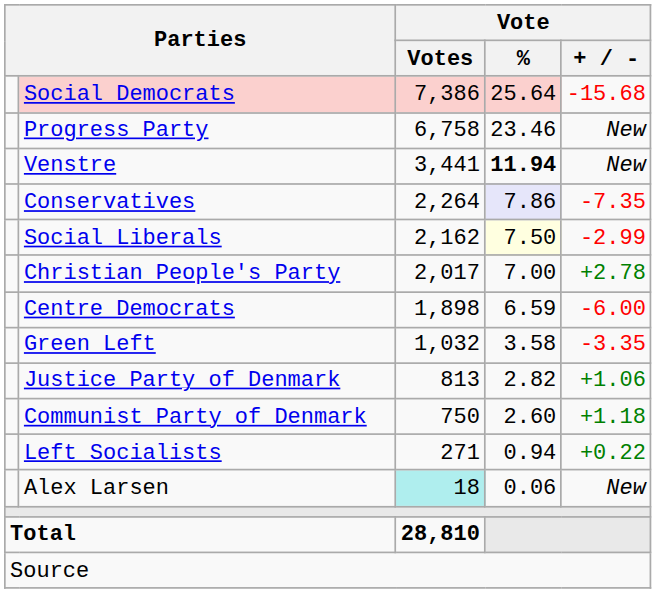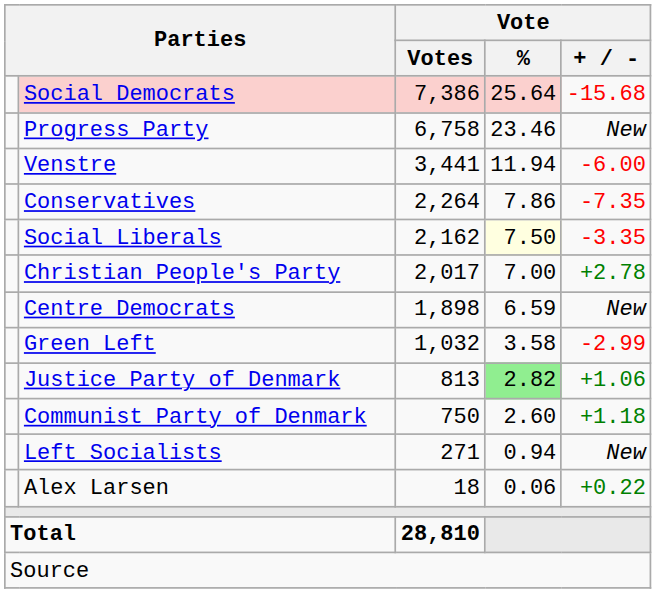 <table class="wikitable" style="text-align:right;">
 <tr>
 <th style="text-align:centre;" rowspan="2" colspan="2" width="225">Parties</th>
 <th colspan="3">Vote</th>
 </tr>
 <tr>
 <th width="15">Votes</th>
 <th width="15">%</th>
 <th width="15">+ / -</th>
 </tr>
 <tr>
 <td width="2" style="color:inherit;background:"></td>
 <td bgcolor=#fbd0ce  align="left"><a href='#'>Social Democrats</a></td>
 <td bgcolor=#fbd0ce>7,386</td>
 <td bgcolor=#fbd0ce>25.64</td>
 <td style=color:red;>-15.68</td>
 </tr>
 <tr>
 <td width="2" style="color:inherit;background:"></td>
 <td align="left"><a href='#'>Progress Party</a></td>
 <td>6,758</td>
 <td>23.46</td>
 <td><em>New</em></td>
 </tr>
 <tr>
 <td width="2" style="color:inherit;background:"></td>
 <td align="left"><a href='#'>Venstre</a></td>
 <td>3,441</td>
-<td><strong>11.94</strong></td>
-<td><em>New</em></td>
+<td>11.94</td>
+<td style=color:red;>-6.00</td>
 </tr>
 <tr>
 <td width="2" style="color:inherit;background:"></td>
 <td align="left"><a href='#'>Conservatives</a></td>
 <td>2,264</td>
-<td style="background: lavender;">7.86</td>
+<td>7.86</td>
 <td style=color:red;>-7.35</td>
 </tr>
 <tr>
 <td width="2" style="color:inherit;background:"></td>
 <td align="left"><a href='#'>Social Liberals</a></td>
 <td>2,162</td>
 <td style="background: lightyellow;">7.50</td>
-<td style=color:red;>-2.99</td>
+<td style=color:red;>-3.35</td>
 </tr>
 <tr>
 <td width="2" style="color:inherit;background:"></td>
 <td align="left"><a href='#'>Christian People's Party</a></td>
 <td>2,017</td>
 <td>7.00</td>
 <td style=color:green;>+2.78</td>
 </tr>
 <tr>
 <td width="2" style="color:inherit;background:"></td>
 <td align="left"><a href='#'>Centre Democrats</a></td>
 <td>1,898</td>
 <td>6.59</td>
-<td style=color:red;>-6.00</td>
+<td><em>New</em></td>
 </tr>
 <tr>
 <td width="2" style="color:inherit;background:"></td>
 <td align="left"><a href='#'>Green Left</a></td>
 <td>1,032</td>
 <td>3.58</td>
-<td style=color:red;>-3.35</td>
+<td style=color:red;>-2.99</td>
 </tr>
 <tr>
 <td width="2" style="color:inherit;background:"></td>
 <td align="left"><a href='#'>Justice Party of Denmark</a></td>
 <td>813</td>
-<td>2.82</td>
+<td style="background: lightgreen;">2.82</td>
 <td style=color:green;>+1.06</td>
 </tr>
 <tr>
 <td width="2" style="color:inherit;background:"></td>
 <td align="left"><a href='#'>Communist Party of Denmark</a></td>
 <td>750</td>
 <td>2.60</td>
 <td style=color:green;>+1.18</td>
 </tr>
 <tr>
 <td width="2" style="color:inherit;background:"></td>
 <td align="left"><a href='#'>Left Socialists</a></td>
 <td>271</td>
 <td>0.94</td>
-<td style=color:green;>+0.22</td>
+<td><em>New</em></td>
 </tr>
 <tr>
 <td width="2" style="color:inherit;background:"></td>
 <td align="left">Alex Larsen</td>
-<td style="background: paleturquoise;">18</td>
+<td>18</td>
 <td>0.06</td>
-<td><em>New</em></td>
+<td style=color:green;>+0.22</td>
 </tr>
 <tr>
 <td colspan="7" bgcolor="#E9E9E9"></td>
 </tr>
 <tr>
 <td align="left" colspan="2"><strong>Total</strong></td>
 <td><strong>28,810</strong></td>
 <td bgcolor="#E9E9E9" colspan="2"></td>
 </tr>
 <tr>
 <td align="left" colspan="6">Source</td>
 </tr>
 </table>
